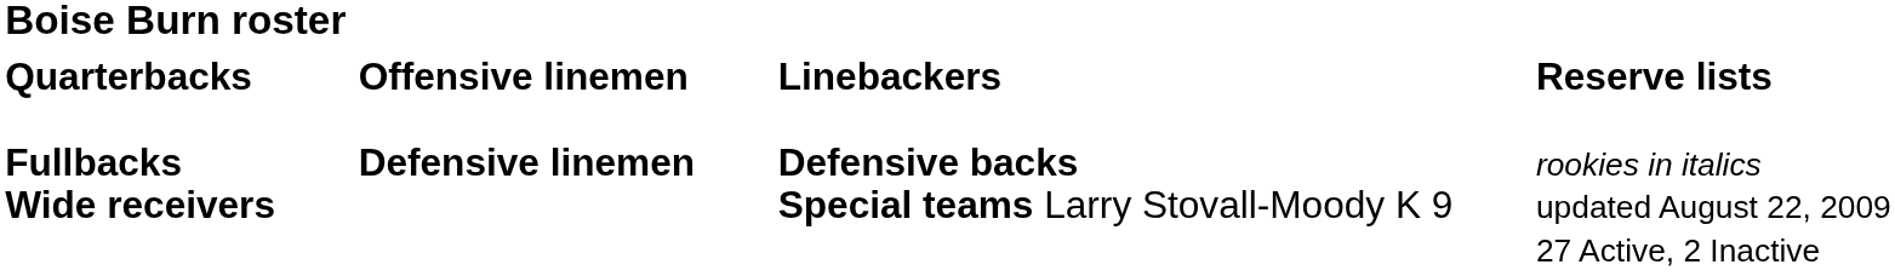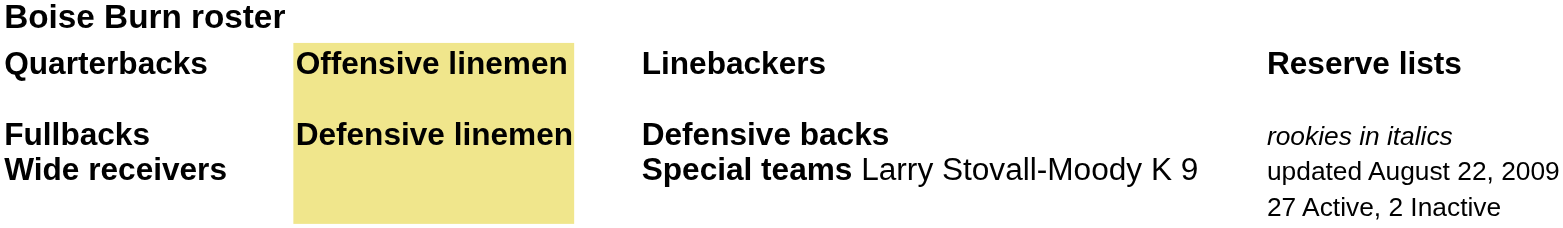 <table class="toccolours" style="text-align: left;">
 <tr>
 <th colspan="7"><strong>Boise Burn roster</strong></th>
 </tr>
 <tr>
 <td style="font-size: 95%;vertical-align:top;"><strong>Quarterbacks</strong><br> <br><strong>Fullbacks</strong> <br><strong>Wide receivers</strong>     </td>
 <td style="width: 25px;"></td>
-<td style="font-size: 95%;vertical-align:top;"><strong>Offensive linemen</strong><br>     <br><strong>Defensive linemen</strong>     </td>
+<td style="background: khaki; font-size: 95%;vertical-align:top;"><strong>Offensive linemen</strong><br>     <br><strong>Defensive linemen</strong>     </td>
 <td style="width: 25px;"></td>
 <td style="font-size: 95%;vertical-align:top;"><strong>Linebackers</strong><br> <br><strong>Defensive backs</strong>     <br><strong>Special teams</strong>  Larry Stovall-Moody K 9</td>
 <td style="width: 25px;"></td>
 <td style="font-size: 95%;vertical-align:top;"><strong>Reserve lists</strong><br> <br><small><em>rookies in italics</em></small><br> <small> updated August 22, 2009</small><br> <small>27 Active, 2 Inactive</small></td>
 </tr>
 </table>
